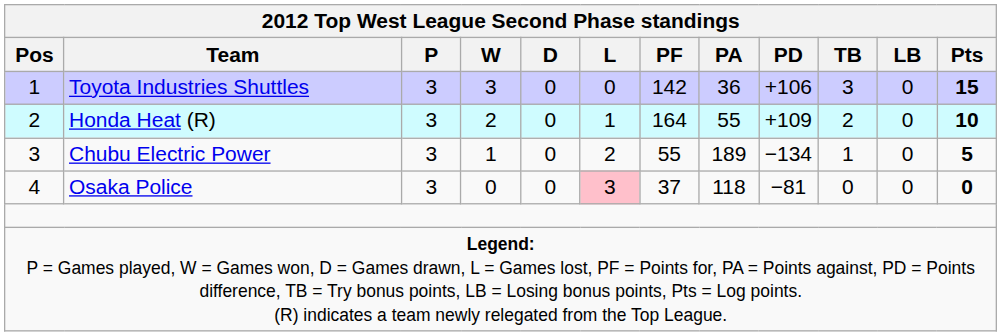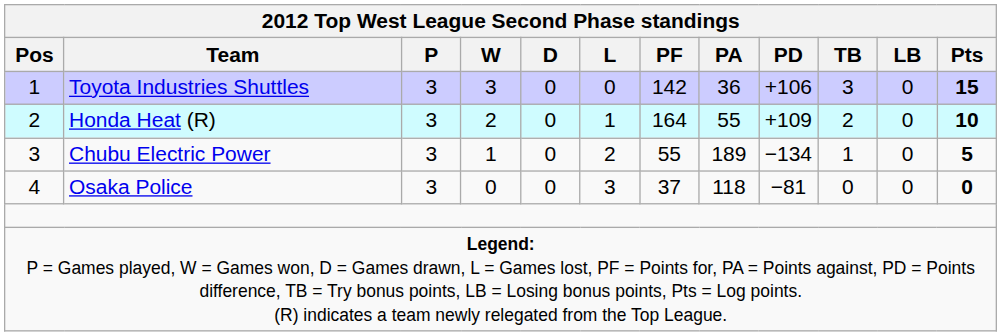 <table class="wikitable" style="text-align:center; font-size:100%; width:60%;">
 <tr>
 <th colspan="100%" cellpadding="0" cellspacing="0"><strong>2012 Top West League Second Phase standings</strong></th>
 </tr>
 <tr>
 <th style="width:6%;">Pos</th>
 <th style="width:34%;">Team</th>
 <th style="width:6%;">P</th>
 <th style="width:6%;">W</th>
 <th style="width:6%;">D</th>
 <th style="width:6%;">L</th>
 <th style="width:6%;">PF</th>
 <th style="width:6%;">PA</th>
 <th style="width:6%;">PD</th>
 <th style="width:6%;">TB</th>
 <th style="width:6%;">LB</th>
 <th style="width:6%;">Pts<br></th>
 </tr>
 <tr style="background:#CCCCFF;">
 <td>1</td>
 <td style="text-align:left;"><a href='#'>Toyota Industries Shuttles</a></td>
 <td>3</td>
 <td>3</td>
 <td>0</td>
 <td>0</td>
 <td>142</td>
 <td>36</td>
 <td>+106</td>
 <td>3</td>
 <td>0</td>
 <td><strong>15</strong></td>
 </tr>
 <tr style="background:#CFFCFF;">
 <td>2</td>
 <td style="text-align:left;"><a href='#'>Honda Heat</a> (R)</td>
 <td>3</td>
 <td>2</td>
 <td>0</td>
 <td>1</td>
 <td>164</td>
 <td>55</td>
 <td>+109</td>
 <td>2</td>
 <td>0</td>
 <td><strong>10</strong></td>
 </tr>
 <tr>
 <td>3</td>
 <td style="text-align:left;"><a href='#'>Chubu Electric Power</a></td>
 <td>3</td>
 <td>1</td>
 <td>0</td>
 <td>2</td>
 <td>55</td>
 <td>189</td>
 <td>−134</td>
 <td>1</td>
 <td>0</td>
 <td><strong>5</strong></td>
 </tr>
 <tr>
 <td>4</td>
 <td style="text-align:left;"><a href='#'>Osaka Police</a></td>
 <td>3</td>
 <td>0</td>
 <td>0</td>
-<td style="background: pink;">3</td>
+<td>3</td>
 <td>37</td>
 <td>118</td>
 <td>−81</td>
 <td>0</td>
 <td>0</td>
 <td><strong>0</strong></td>
 </tr>
 <tr>
 <td colspan="100%" style="height:10px;"></td>
 </tr>
 <tr>
 <td colspan="100%"><small><strong>Legend:</strong> <br> P = Games played, W = Games won, D = Games drawn, L = Games lost, PF = Points for, PA = Points against, PD = Points difference, TB = Try bonus points, LB = Losing bonus points, Pts = Log points. <br> (R) indicates a team newly relegated from the Top League.</small></td>
 </tr>
 </table>
